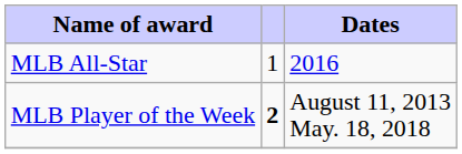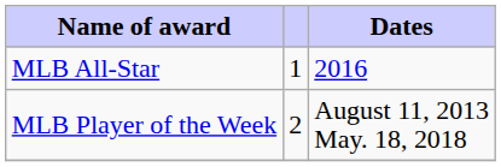 <table class="wikitable">
 <tr>
 <th style="background:#ccf;">Name of award</th>
 <th style="background:#ccf;"></th>
 <th style="background:#ccf;">Dates</th>
 </tr>
 <tr>
 <td><a href='#'>MLB All-Star</a></td>
 <td style="text-align:center;">1</td>
 <td><a href='#'>2016</a></td>
 </tr>
 <tr>
 <td><a href='#'>MLB Player of the Week</a></td>
-<td style="text-align:center;"><strong>2</strong></td>
+<td style="text-align:center;">2</td>
 <td>August 11, 2013<br> May. 18, 2018</td>
 </tr>
 <tr>
 </tr>
 </table>
